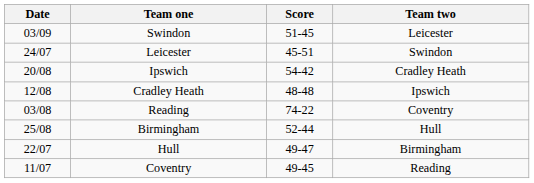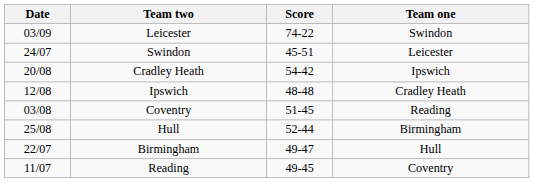 <table class="wikitable" style="text-align: center">
 <tr>
 <th width=80>Date</th>
+<th width=250>Team two</th>
+<th width=80>Score</th>
 <th width=250>Team one</th>
-<th width=80>Score</th>
-<th width=250>Team two</th>
 </tr>
 <tr>
 <td>03/09</td>
+<td>Leicester</td>
+<td>74-22</td>
 <td>Swindon</td>
-<td>51-45</td>
+</tr>
+<tr>
+<td>24/07</td>
+<td>Swindon</td>
+<td>45-51</td>
 <td>Leicester</td>
 </tr>
 <tr>
-<td>24/07</td>
-<td>Leicester</td>
-<td>45-51</td>
-<td>Swindon</td>
+<td>20/08</td>
+<td>Cradley Heath</td>
+<td>54-42</td>
+<td>Ipswich</td>
 </tr>
 <tr>
-<td>20/08</td>
+<td>12/08</td>
 <td>Ipswich</td>
-<td>54-42</td>
+<td>48-48</td>
 <td>Cradley Heath</td>
 </tr>
 <tr>
-<td>12/08</td>
-<td>Cradley Heath</td>
-<td>48-48</td>
-<td>Ipswich</td>
-</tr>
-<tr>
 <td>03/08</td>
+<td>Coventry</td>
+<td>51-45</td>
 <td>Reading</td>
-<td>74-22</td>
-<td>Coventry</td>
 </tr>
 <tr>
 <td>25/08</td>
+<td>Hull</td>
+<td>52-44</td>
 <td>Birmingham</td>
-<td>52-44</td>
+</tr>
+<tr>
+<td>22/07</td>
+<td>Birmingham</td>
+<td>49-47</td>
 <td>Hull</td>
 </tr>
 <tr>
-<td>22/07</td>
-<td>Hull</td>
-<td>49-47</td>
-<td>Birmingham</td>
-</tr>
-<tr>
 <td>11/07</td>
+<td>Reading</td>
+<td>49-45</td>
 <td>Coventry</td>
-<td>49-45</td>
-<td>Reading</td>
 </tr>
 </table>
